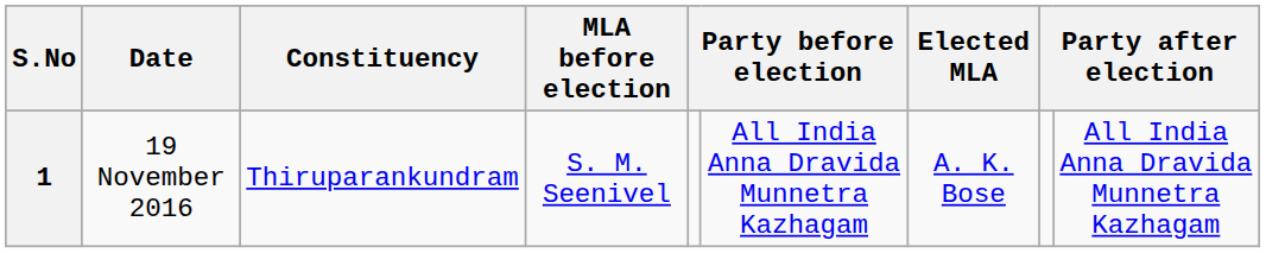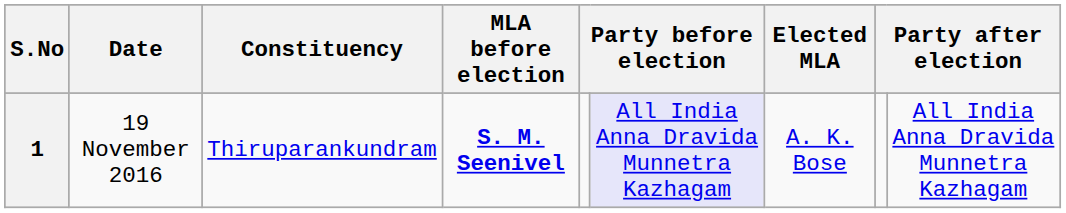 <table class="wikitable sortable" style="text-align:center;">
 <tr>
 <th>S.No</th>
 <th>Date</th>
 <th>Constituency</th>
 <th>MLA before election</th>
 <th colspan="2">Party before election</th>
 <th>Elected MLA</th>
 <th colspan="2">Party after election</th>
 </tr>
 <tr>
 <th>1</th>
 <td>19 November 2016</td>
 <td><a href='#'>Thiruparankundram</a></td>
-<td><a href='#'>S. M. Seenivel</a></td>
+<td><strong><a href='#'>S. M. Seenivel</a></strong></td>
 <td></td>
-<td><a href='#'>All India Anna Dravida Munnetra Kazhagam</a></td>
+<td style="background: lavender;"><a href='#'>All India Anna Dravida Munnetra Kazhagam</a></td>
 <td><a href='#'>A. K. Bose</a></td>
 <td></td>
 <td><a href='#'>All India Anna Dravida Munnetra Kazhagam</a></td>
 </tr>
 </table>
